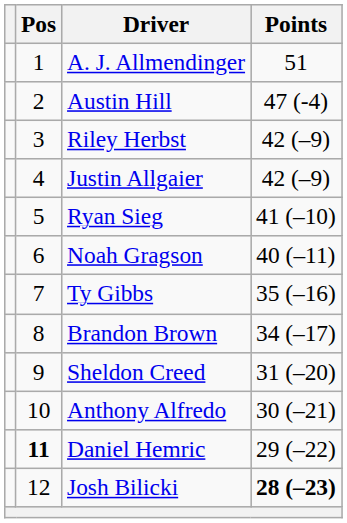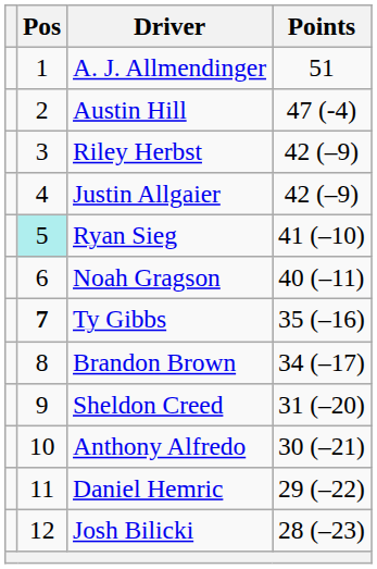 <table class="wikitable" style="font-size: 95%;">
 <tr>
 <th></th>
 <th>Pos</th>
 <th>Driver</th>
 <th>Points</th>
 </tr>
 <tr>
 <td align="left"></td>
 <td style="text-align:center;">1</td>
 <td><a href='#'>A. J. Allmendinger</a></td>
 <td style="text-align:center;">51</td>
 </tr>
 <tr>
 <td align="left"></td>
 <td style="text-align:center;">2</td>
 <td><a href='#'>Austin Hill</a></td>
 <td style="text-align:center;">47 (-4)</td>
 </tr>
 <tr>
 <td align="left"></td>
 <td style="text-align:center;">3</td>
 <td><a href='#'>Riley Herbst</a></td>
 <td style="text-align:center;">42 (–9)</td>
 </tr>
 <tr>
 <td align="left"></td>
 <td style="text-align:center;">4</td>
 <td><a href='#'>Justin Allgaier</a></td>
 <td style="text-align:center;">42 (–9)</td>
 </tr>
 <tr>
 <td align="left"></td>
-<td style="text-align:center;">5</td>
+<td style="background: paleturquoise; text-align:center;">5</td>
 <td><a href='#'>Ryan Sieg</a></td>
 <td style="text-align:center;">41 (–10)</td>
 </tr>
 <tr>
 <td align="left"></td>
 <td style="text-align:center;">6</td>
 <td><a href='#'>Noah Gragson</a></td>
 <td style="text-align:center;">40 (–11)</td>
 </tr>
 <tr>
 <td align="left"></td>
-<td style="text-align:center;">7</td>
+<td style="text-align:center;"><strong>7</strong></td>
 <td><a href='#'>Ty Gibbs</a></td>
 <td style="text-align:center;">35 (–16)</td>
 </tr>
 <tr>
 <td align="left"></td>
 <td style="text-align:center;">8</td>
 <td><a href='#'>Brandon Brown</a></td>
 <td style="text-align:center;">34 (–17)</td>
 </tr>
 <tr>
 <td align="left"></td>
 <td style="text-align:center;">9</td>
 <td><a href='#'>Sheldon Creed</a></td>
 <td style="text-align:center;">31 (–20)</td>
 </tr>
 <tr>
 <td align="left"></td>
 <td style="text-align:center;">10</td>
 <td><a href='#'>Anthony Alfredo</a></td>
 <td style="text-align:center;">30 (–21)</td>
 </tr>
 <tr>
 <td align="left"></td>
-<td style="text-align:center;"><strong>11</strong></td>
+<td style="text-align:center;">11</td>
 <td><a href='#'>Daniel Hemric</a></td>
 <td style="text-align:center;">29 (–22)</td>
 </tr>
 <tr>
 <td align="left"></td>
 <td style="text-align:center;">12</td>
 <td><a href='#'>Josh Bilicki</a></td>
-<td style="text-align:center;"><strong>28 (–23)</strong></td>
+<td style="text-align:center;">28 (–23)</td>
 </tr>
 <tr class="sortbottom">
 <th colspan="9"></th>
 </tr>
 </table>
